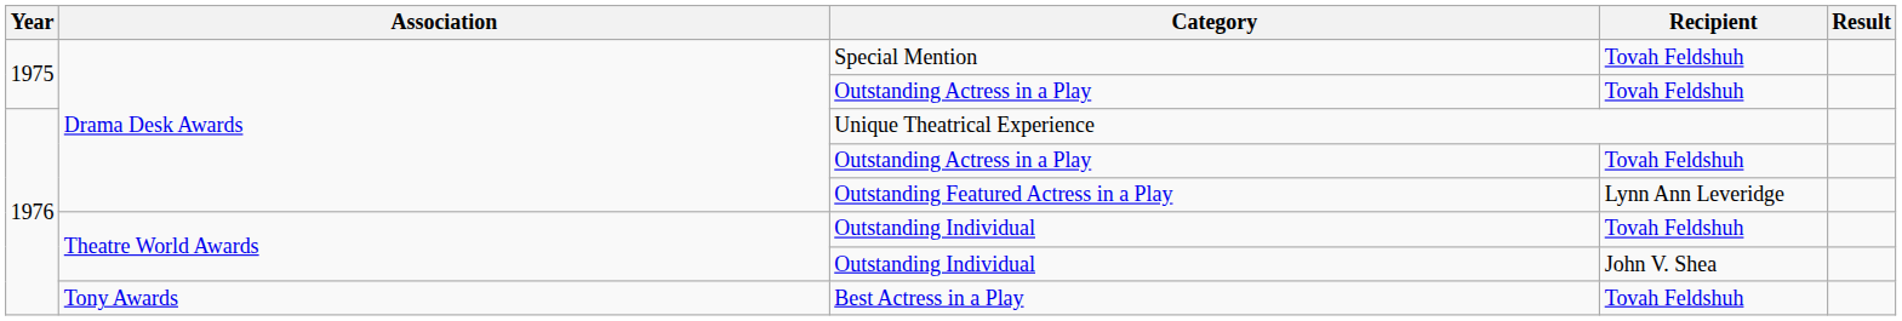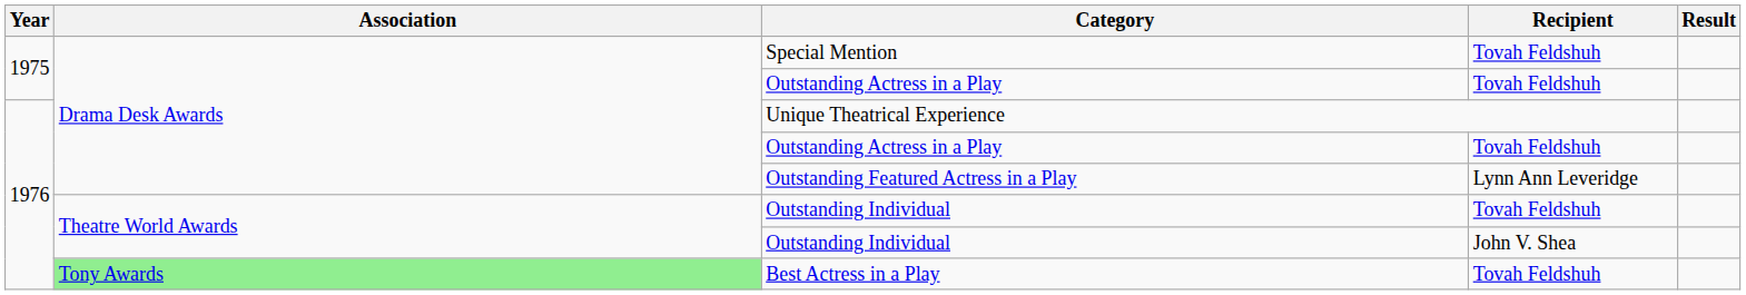 <table class="wikitable">
 <tr>
 <th scope="col" style="width:1em;">Year</th>
 <th scope="col" style="width:35em;">Association</th>
 <th scope="col" style="width:35em;">Category</th>
 <th scope="col" style="width:10em;">Recipient</th>
 <th scope="col" style="width:1em;">Result</th>
 </tr>
 <tr>
 <td rowspan="2">1975</td>
 <td rowspan="5"><a href='#'>Drama Desk Awards</a></td>
 <td>Special Mention</td>
 <td><a href='#'>Tovah Feldshuh</a></td>
 <td></td>
 </tr>
 <tr>
 <td><a href='#'>Outstanding Actress in a Play</a></td>
 <td><a href='#'>Tovah Feldshuh</a></td>
 <td></td>
 </tr>
 <tr>
 <td rowspan="6">1976</td>
 <td colspan="2">Unique Theatrical Experience</td>
 <td></td>
 </tr>
 <tr>
 <td><a href='#'>Outstanding Actress in a Play</a></td>
 <td><a href='#'>Tovah Feldshuh</a></td>
 <td></td>
 </tr>
 <tr>
 <td><a href='#'>Outstanding Featured Actress in a Play</a></td>
 <td>Lynn Ann Leveridge</td>
 <td></td>
 </tr>
 <tr>
 <td rowspan="2"><a href='#'>Theatre World Awards</a></td>
 <td><a href='#'>Outstanding Individual</a></td>
 <td><a href='#'>Tovah Feldshuh</a></td>
 <td></td>
 </tr>
 <tr>
 <td><a href='#'>Outstanding Individual</a></td>
 <td>John V. Shea</td>
 <td></td>
 </tr>
 <tr>
-<td><a href='#'>Tony Awards</a></td>
+<td style="background: lightgreen;"><a href='#'>Tony Awards</a></td>
 <td><a href='#'>Best Actress in a Play</a></td>
 <td><a href='#'>Tovah Feldshuh</a></td>
 <td></td>
 </tr>
 </table>
